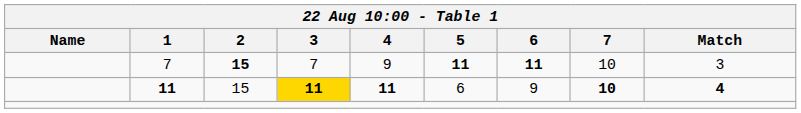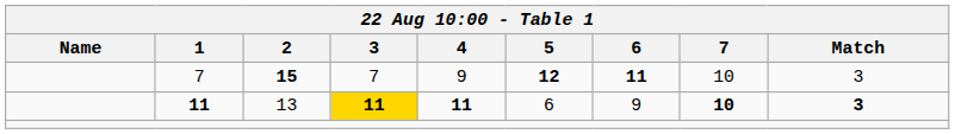 <table class=wikitable style="text-align:center; width: 55%">
 <tr>
 <th colspan=17><em>22 Aug 10:00 - Table 1</em></th>
 </tr>
 <tr>
 <th>Name</th>
 <th>1</th>
 <th>2</th>
 <th>3</th>
 <th>4</th>
 <th>5</th>
 <th>6</th>
 <th>7</th>
 <th>Match</th>
 </tr>
 <tr>
 <td style="text-align:left;"></td>
 <td>7</td>
 <td><strong>15</strong></td>
 <td>7</td>
 <td>9</td>
-<td><strong>11</strong></td>
+<td><strong>12</strong></td>
 <td><strong>11</strong></td>
 <td>10</td>
 <td>3</td>
 </tr>
 <tr>
 <td style="text-align:left;"></td>
 <td><strong>11</strong></td>
-<td>15</td>
+<td>13</td>
 <td style="background: gold;"><strong>11</strong></td>
 <td><strong>11</strong></td>
 <td>6</td>
 <td>9</td>
 <td><strong>10</strong></td>
-<td><strong>4</strong></td>
+<td><strong>3</strong></td>
 </tr>
 <tr>
 <td colspan=17></td>
 </tr>
 </table>
